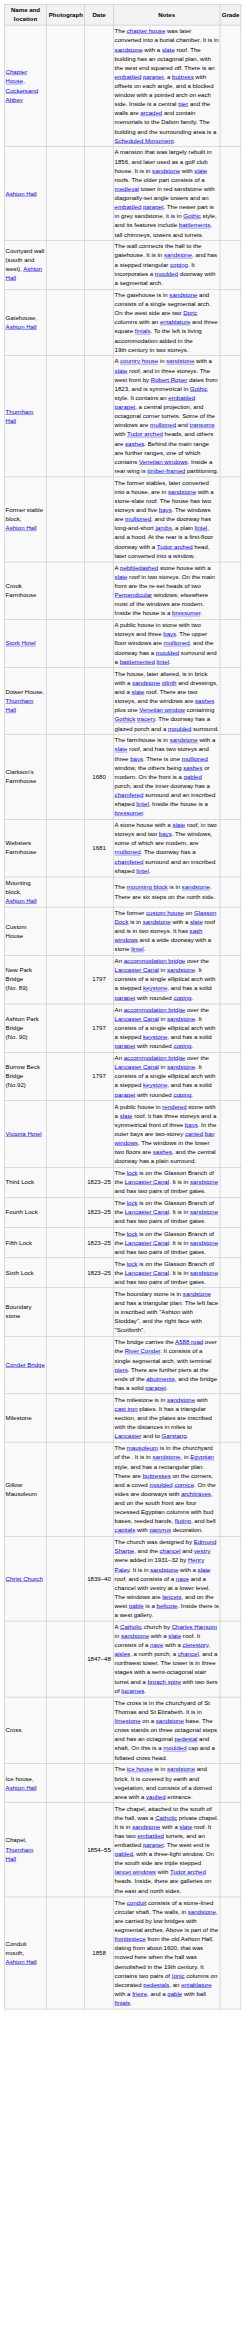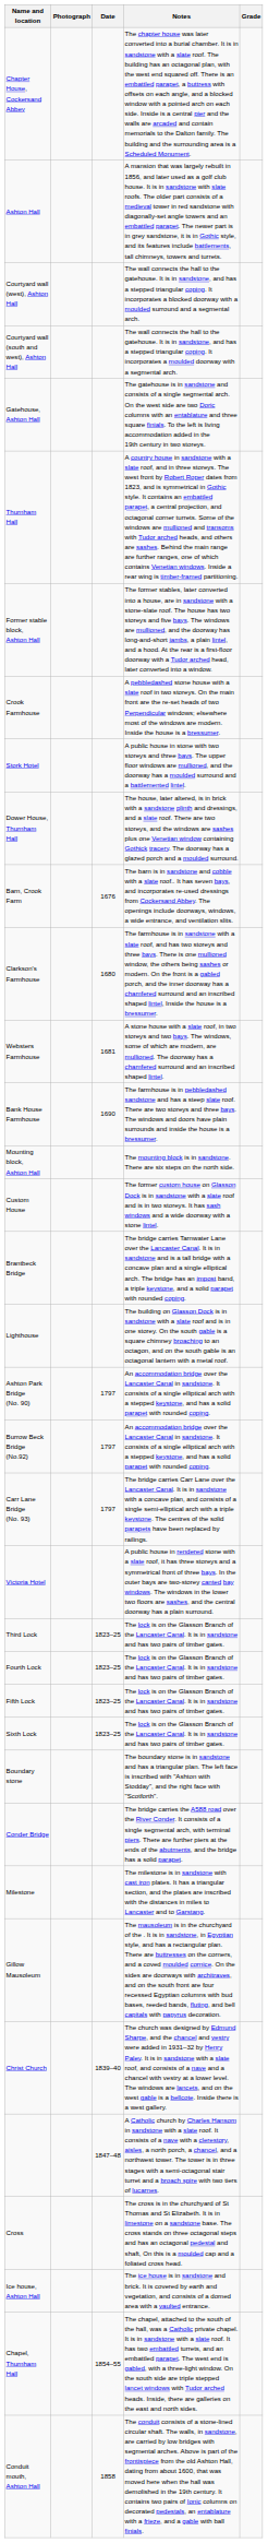 <table class="wikitable sortable plainrowheaders" style="width:100%;border:0px;text-align:left;line-height:150%;">
 <tr>
 <th scope="col"  style="width:150px">Name and location</th>
 <th scope="col"  style="width:100px" class="unsortable">Photograph</th>
 <th scope="col"  style="width:120px">Date</th>
 <th scope="col"  style="width:650px" class="unsortable">Notes</th>
 <th scope="col"  style="width:50px">Grade</th>
 </tr>
 <tr>
 <td><a href='#'>Chapter House</a>,<br><a href='#'>Cockersand Abbey</a><br><small></small></td>
 <td></td>
 <td align="center"></td>
 <td>The <a href='#'>chapter house</a> was later converted into a burial chamber.  It is in <a href='#'>sandstone</a> with a <a href='#'>slate</a> roof.  The building has an octagonal plan, with the west end squared off.  There is an <a href='#'>embattled</a> <a href='#'>parapet</a>, a <a href='#'>buttress</a> with offsets on each angle, and a blocked window with a pointed arch on each side.  Inside is a central <a href='#'>pier</a> and the walls are <a href='#'>arcaded</a> and contain memorials to the Dalton family.  The building and the surrounding area is a <a href='#'>Scheduled Monument</a>.</td>
 <td align="center" ></td>
 </tr>
 <tr>
 <td><a href='#'>Ashton Hall</a><br><small></small></td>
 <td></td>
 <td align="center"></td>
 <td>A mansion that was largely rebuilt in 1856, and later used as a golf club house.  It is in <a href='#'>sandstone</a> with <a href='#'>slate</a> roofs.  The older part consists of a <a href='#'>medieval</a> tower in red sandstone with diagonally-set angle towers and an <a href='#'>embattled</a> <a href='#'>parapet</a>.  The newer part is in grey sandstone, it is in <a href='#'>Gothic</a> style, and its features include <a href='#'>battlements</a>, tall chimneys, towers and turrets.</td>
+<td align="center" ></td>
+</tr>
+<tr>
+<td>Courtyard wall (west), <a href='#'>Ashton Hall</a><br><small></small></td>
+<td></td>
+<td align="center"></td>
+<td>The wall connects the hall to the gatehouse.  It is in <a href='#'>sandstone</a>, and has a stepped triangular <a href='#'>coping</a>.  It incorporates a blocked doorway with a <a href='#'>moulded</a> surround and a segmental arch.</td>
 <td align="center" ></td>
 </tr>
 <tr>
 <td>Courtyard wall (south and west), <a href='#'>Ashton Hall</a><br><small></small></td>
 <td></td>
 <td align="center"></td>
 <td>The wall connects the hall to the gatehouse.  It is in <a href='#'>sandstone</a>, and has a stepped triangular <a href='#'>coping</a>.  It incorporates a <a href='#'>moulded</a> doorway with a segmental arch.</td>
 <td align="center" ></td>
 </tr>
 <tr>
 <td>Gatehouse, <a href='#'>Ashton Hall</a><br><small></small></td>
 <td></td>
 <td align="center"></td>
 <td>The gatehouse is in <a href='#'>sandstone</a> and consists of a single segmental arch.  On the west side are two <a href='#'>Doric</a> columns with an <a href='#'>entablature</a> and three square <a href='#'>finials</a>.  To the left is living accommodation added in the 19th century in two storeys.</td>
 <td align="center" ></td>
 </tr>
 <tr>
 <td><a href='#'>Thurnham Hall</a><br><small></small></td>
 <td></td>
 <td align="center"></td>
 <td>A <a href='#'>country house</a> in <a href='#'>sandstone</a> with a <a href='#'>slate</a> roof, and in three storeys.  The west front by <a href='#'>Robert Roper</a> dates from 1823, and is symmetrical in <a href='#'>Gothic</a> style.  It contains an <a href='#'>embattled</a> <a href='#'>parapet</a>, a central projection, and octagonal corner turrets.  Some of the windows are <a href='#'>mullioned</a> and <a href='#'>transoms</a> with <a href='#'>Tudor arched</a> heads, and others are <a href='#'>sashes</a>.  Behind the main range are further ranges, one of which contains <a href='#'>Venetian windows</a>.  Inside a rear wing is <a href='#'>timber-framed</a> partitioning.</td>
 <td align="center" ></td>
 </tr>
 <tr>
 <td>Former stable block,<br><a href='#'>Ashton Hall</a><br><small></small></td>
 <td></td>
 <td align="center"></td>
 <td>The former stables, later converted into a house, are in <a href='#'>sandstone</a> with a stone-slate roof.  The house has two storeys and five <a href='#'>bays</a>.  The windows are <a href='#'>mullioned</a>, and the doorway has long-and-short <a href='#'>jambs</a>, a plain <a href='#'>lintel</a>, and a hood.  At the rear is a first-floor doorway with a <a href='#'>Tudor arched</a> head, later converted into a window.</td>
 <td align="center" ></td>
 </tr>
 <tr>
 <td>Crook Farmhouse<br><small></small></td>
 <td></td>
 <td align="center"></td>
 <td>A <a href='#'>pebbledashed</a> stone house with a <a href='#'>slate</a> roof in two storeys.  On the main front are the re-set heads of two <a href='#'>Perpendicular</a> windows; elsewhere most of the windows are modern.  Inside the house is a <a href='#'>bressumer</a>.</td>
 <td align="center" ></td>
 </tr>
 <tr>
 <td><a href='#'>Stork Hotel</a><br><small></small></td>
 <td></td>
 <td align="center"></td>
 <td>A public house in stone with two storeys and three <a href='#'>bays</a>.  The upper floor windows are <a href='#'>mullioned</a>, and the doorway has a <a href='#'>moulded</a> surround and a <a href='#'>battlemented</a> <a href='#'>lintel</a>.</td>
 <td align="center" ></td>
 </tr>
 <tr>
 <td>Dower House,<br><a href='#'>Thurnham Hall</a><br><small></small></td>
 <td></td>
 <td align="center"></td>
 <td>The house, later altered, is in brick with a <a href='#'>sandstone</a> <a href='#'>plinth</a> and dressings, and a <a href='#'>slate</a> roof.  There are two storeys, and the windows are <a href='#'>sashes</a> plus one <a href='#'>Venetian window</a> containing <a href='#'>Gothick</a> <a href='#'>tracery</a>.  The doorway has a glazed porch and a <a href='#'>moulded</a> surround.</td>
 <td align="center" ></td>
 </tr>
 <tr>
+<td>Barn, Crook Farm<br><small></small></td>
+<td></td>
+<td align="center">1676</td>
+<td>The barn is in <a href='#'>sandstone</a> and <a href='#'>cobble</a> with a <a href='#'>slate</a> roof.. It has seven <a href='#'>bays</a>, and incorporates re-used dressings from <a href='#'>Cockersand Abbey</a>.  The openings include doorways, windows, a wide entrance, and ventilation slits.</td>
+<td align="center" ></td>
+</tr>
+<tr>
 <td>Clarkson's Farmhouse<br><small></small></td>
 <td></td>
 <td align="center">1680</td>
 <td>The farmhouse is in <a href='#'>sandstone</a> with a <a href='#'>slate</a> roof, and has two storeys and three <a href='#'>bays</a>.  There is one <a href='#'>mullioned</a> window, the others being <a href='#'>sashes</a> or modern.  On the front is a <a href='#'>gabled</a> porch, and the inner doorway has a <a href='#'>chamfered</a> surround and an inscribed shaped <a href='#'>lintel</a>,  Inside the house is a <a href='#'>bressumer</a>.</td>
 <td align="center" ></td>
 </tr>
 <tr>
 <td>Websters Farmhouse<br><small></small></td>
 <td></td>
 <td align="center">1681</td>
 <td>A stone house with a <a href='#'>slate</a> roof, in two storeys and two <a href='#'>bays</a>.  The windows, some of which are modern, are <a href='#'>mullioned</a>.  The doorway has a <a href='#'>chamfered</a> surround and an inscribed shaped <a href='#'>lintel</a>.</td>
+<td align="center" ></td>
+</tr>
+<tr>
+<td>Bank House Farmhouse<br><small></small></td>
+<td></td>
+<td align="center">1690</td>
+<td>The farmhouse is in <a href='#'>pebbledashed</a> <a href='#'>sandstone</a> and has a steep <a href='#'>slate</a> roof.  There are two storeys and three <a href='#'>bays</a>.  The windows and doors have plain surrounds and inside the house is a <a href='#'>bressumer</a>.</td>
 <td align="center" ></td>
 </tr>
 <tr>
 <td>Mounting block,<br><a href='#'>Ashton Hall</a><br><small></small></td>
 <td></td>
 <td align="center"></td>
 <td>The <a href='#'>mounting block</a> is in <a href='#'>sandstone</a>.  There are six steps on the north side.</td>
 <td align="center" ></td>
 </tr>
 <tr>
 <td>Custom House<br><small></small></td>
 <td></td>
 <td align="center"></td>
 <td>The former <a href='#'>custom house</a> on <a href='#'>Glasson Dock</a> is in <a href='#'>sandstone</a> with a <a href='#'>slate</a> roof and is in two storeys.  It has <a href='#'>sash windows</a> and a wide doorway with a stone <a href='#'>lintel</a>.</td>
 <td align="center" ></td>
 </tr>
 <tr>
-<td>New Park Bridge<br>(No. 89)<br><small></small></td>
+<td>Brantbeck Bridge<br><small></small></td>
 <td></td>
-<td align="center">1797</td>
-<td>An <a href='#'>accommodation bridge</a> over the <a href='#'>Lancaster Canal</a> in <a href='#'>sandstone</a>.  It consists of a single elliptical arch with a stepped <a href='#'>keystone</a>, and has a solid <a href='#'>parapet</a> with rounded <a href='#'>coping</a>.</td>
+<td align="center"></td>
+<td>The bridge carries Tarnwater Lane over the <a href='#'>Lancaster Canal</a>.  It is in <a href='#'>sandstone</a> and is a tall bridge with a concave plan and a single elliptical arch.  The bridge has an <a href='#'>impost</a> band, a triple <a href='#'>keystone</a>, and a solid <a href='#'>parapet</a> with rounded <a href='#'>coping</a>.</td>
+<td align="center" ></td>
+</tr>
+<tr>
+<td>Lighthouse<br><small></small></td>
+<td></td>
+<td align="center"></td>
+<td>The building on <a href='#'>Glasson Dock</a> is in <a href='#'>sandstone</a> with a <a href='#'>slate</a> roof and is in one storey.  On the south <a href='#'>gable</a> is a square chimney <a href='#'>broaching</a> to an octagon, and on the south gable is an octagonal lantern with a metal roof.</td>
 <td align="center" ></td>
 </tr>
 <tr>
 <td>Ashton Park Bridge<br>(No. 90)<br><small></small></td>
 <td></td>
 <td align="center">1797</td>
 <td>An <a href='#'>accommodation bridge</a> over the <a href='#'>Lancaster Canal</a> in <a href='#'>sandstone</a>.  It consists of a single elliptical arch with a stepped <a href='#'>keystone</a>, and has a solid <a href='#'>parapet</a> with rounded <a href='#'>coping</a>.</td>
 <td align="center" ></td>
 </tr>
 <tr>
 <td>Burrow Beck Bridge<br>(No.92)<br><small></small></td>
 <td></td>
 <td align="center">1797</td>
 <td>An <a href='#'>accommodation bridge</a> over the <a href='#'>Lancaster Canal</a> in <a href='#'>sandstone</a>.  It consists of a single elliptical arch with a stepped <a href='#'>keystone</a>, and has a solid <a href='#'>parapet</a> with rounded <a href='#'>coping</a>.</td>
+<td align="center" ></td>
+</tr>
+<tr>
+<td>Carr Lane Bridge<br>(No. 93)<br><small></small></td>
+<td></td>
+<td align="center">1797</td>
+<td>The bridge carries Carr Lane over the <a href='#'>Lancaster Canal</a>.  It is in <a href='#'>sandstone</a> with a concave plan, and consists of a single semi-elliptical arch with a triple <a href='#'>keystone</a>.  The centres of the solid <a href='#'>parapets</a> have been replaced by railings.</td>
 <td align="center" ></td>
 </tr>
 <tr>
 <td><a href='#'>Victoria Hotel</a><br><small></small></td>
 <td></td>
 <td align="center"></td>
 <td>A public house in <a href='#'>rendered</a> stone with a <a href='#'>slate</a> roof, it has three storeys and a symmetrical front of three <a href='#'>bays</a>.  In the outer bays are two-storey <a href='#'>canted</a> <a href='#'>bay windows</a>.  The windows in the lower two floors are <a href='#'>sashes</a>, and the central doorway has a plain surround.</td>
 <td align="center" ></td>
 </tr>
 <tr>
 <td>Third Lock<br><small></small></td>
 <td></td>
 <td align="center">1823–25</td>
 <td>The <a href='#'>lock</a> is on the Glasson Branch of the <a href='#'>Lancaster Canal</a>.  It is in <a href='#'>sandstone</a> and has two pairs of timber gates.</td>
 <td align="center" ></td>
 </tr>
 <tr>
 <td>Fourth Lock<br><small></small></td>
 <td></td>
 <td align="center">1823–25</td>
 <td>The <a href='#'>lock</a> is on the Glasson Branch of the <a href='#'>Lancaster Canal</a>.  It is in <a href='#'>sandstone</a> and has two pairs of timber gates.</td>
 <td align="center" ></td>
 </tr>
 <tr>
 <td>Fifth Lock<br><small></small></td>
 <td></td>
 <td align="center">1823–25</td>
 <td>The <a href='#'>lock</a> is on the Glasson Branch of the <a href='#'>Lancaster Canal</a>.  It is in <a href='#'>sandstone</a> and has two pairs of timber gates.</td>
 <td align="center" ></td>
 </tr>
 <tr>
 <td>Sixth Lock<br><small></small></td>
 <td></td>
 <td align="center">1823–25</td>
 <td>The <a href='#'>lock</a> is on the Glasson Branch of the <a href='#'>Lancaster Canal</a>.  It is in <a href='#'>sandstone</a> and has two pairs of timber gates.</td>
 <td align="center" ></td>
 </tr>
 <tr>
 <td>Boundary stone<br><small></small></td>
 <td></td>
 <td align="center"></td>
 <td>The boundary stone is in <a href='#'>sandstone</a> and has a triangular plan.  The left face is inscribed with "Ashton with Stodday", and the right face with "Scotforth".</td>
 <td align="center" ></td>
 </tr>
 <tr>
 <td><a href='#'>Conder Bridge</a><br><small></small></td>
 <td></td>
 <td align="center"></td>
 <td>The bridge carries the <a href='#'>A588 road</a> over the <a href='#'>River Conder</a>.  It consists of a single segmental arch, with terminal <a href='#'>piers</a>.  There are further piers at the ends of the <a href='#'>abutments</a>, and the bridge has a solid <a href='#'>parapet</a>.</td>
 <td align="center" ></td>
 </tr>
 <tr>
 <td>Milestone<br><small></small></td>
 <td></td>
 <td align="center"></td>
 <td>The milestone is in <a href='#'>sandstone</a> with <a href='#'>cast iron</a> plates.  It has a triangular section, and the plates are inscribed with the distances in miles to <a href='#'>Lancaster</a> and to <a href='#'>Garstang</a>.</td>
 <td align="center" ></td>
 </tr>
 <tr>
 <td>Gillow Mausoleum<br><small></small></td>
 <td></td>
 <td align="center"></td>
 <td>The <a href='#'>mausoleum</a> is in the churchyard of the .  It is in <a href='#'>sandstone</a>, in <a href='#'>Egyptian</a> style, and has a rectangular plan.  There are <a href='#'>buttresses</a> on the corners, and a coved <a href='#'>moulded</a> <a href='#'>cornice</a>.  On the sides are doorways with <a href='#'>architraves</a>, and on the south front are four recessed Egyptian columns with bud bases, reeded bands, <a href='#'>fluting</a>, and bell <a href='#'>capitals</a> with <a href='#'>papyrus</a> decoration.</td>
 <td align="center" ></td>
 </tr>
 <tr>
 <td><a href='#'>Christ Church</a><br><small></small></td>
 <td></td>
 <td align="center">1839–40</td>
 <td>The church was designed by <a href='#'>Edmund Sharpe</a>, and the <a href='#'>chancel</a> and <a href='#'>vestry</a> were added in 1931–32 by <a href='#'>Henry Paley</a>.  It is in <a href='#'>sandstone</a> with a <a href='#'>slate</a> roof, and consists of a <a href='#'>nave</a> and a chancel with vestry at a lower level.  The windows are <a href='#'>lancets</a>, and on the west <a href='#'>gable</a> is a <a href='#'>bellcote</a>.  Inside there is a west gallery.</td>
 <td align="center" ></td>
 </tr>
 <tr>
 <td><br><small></small></td>
 <td></td>
 <td align="center">1847–48</td>
 <td>A <a href='#'>Catholic</a> church by <a href='#'>Charles Hansom</a> in <a href='#'>sandstone</a> with a <a href='#'>slate</a> roof.  It consists of a <a href='#'>nave</a> with a <a href='#'>clerestory</a>, <a href='#'>aisles</a>, a north porch, a <a href='#'>chancel</a>, and a northwest tower.  The tower is in three stages with a semi-octagonal stair turret and a <a href='#'>broach spire</a> with two tiers of <a href='#'>lucarnes</a>.</td>
 <td align="center" ></td>
 </tr>
 <tr>
 <td>Cross<br><small></small></td>
 <td></td>
 <td align="center"></td>
 <td>The cross is in the churchyard of St Thomas and St Elizabeth.  It is in <a href='#'>limestone</a> on a <a href='#'>sandstone</a> base.  The cross stands on three octagonal steps and has an octagonal <a href='#'>pedestal</a> and shaft,  On this is a <a href='#'>moulded</a> cap and a foliated cross head.</td>
 <td align="center" ></td>
 </tr>
 <tr>
 <td>Ice house, <a href='#'>Ashton Hall</a><br><small></small></td>
 <td></td>
 <td align="center"></td>
 <td>The <a href='#'>ice house</a> is in <a href='#'>sandstone</a> and brick.  It is covered by earth and vegetation, and consists of a domed area with a <a href='#'>vaulted</a> entrance.</td>
 <td align="center" ></td>
 </tr>
 <tr>
 <td>Chapel, <a href='#'>Thurnham Hall</a><br><small></small></td>
 <td></td>
 <td align="center">1854–55</td>
 <td>The chapel, attached to the south of the hall, was a <a href='#'>Catholic</a> private chapel.  It is in <a href='#'>sandstone</a> with a <a href='#'>slate</a> roof.  It has two <a href='#'>embattled</a> turrets, and an embattled <a href='#'>parapet</a>.  The west end is <a href='#'>gabled</a>, with a three-light window.  On the south side are triple stepped <a href='#'>lancet windows</a> with <a href='#'>Tudor arched</a> heads.  Inside, there are galleries on the east and north sides.</td>
 <td align="center" ></td>
 </tr>
 <tr>
 <td>Conduit mouth,<br><a href='#'>Ashton Hall</a><br><small></small></td>
 <td></td>
 <td align="center">1858</td>
 <td>The <a href='#'>conduit</a> consists of a stone-lined circular shaft.  The walls, in <a href='#'>sandstone</a>, are carried by low bridges with segmental arches.  Above is part of the <a href='#'>frontispiece</a> from the old Ashton Hall, dating from about 1600, that was moved here when the hall was demolished in the 19th century.  It contains two pairs of <a href='#'>Ionic</a> columns on decorated <a href='#'>pedestals</a>, an <a href='#'>entablature</a> with a <a href='#'>frieze</a>, and a <a href='#'>gable</a> with ball <a href='#'>finials</a>.</td>
 <td align="center" ></td>
 </tr>
 <tr>
 </tr>
 </table>
